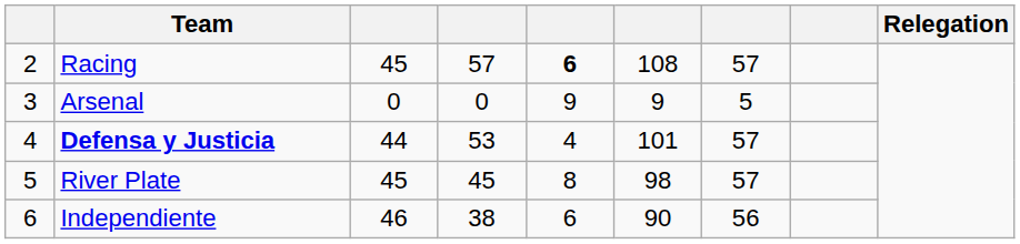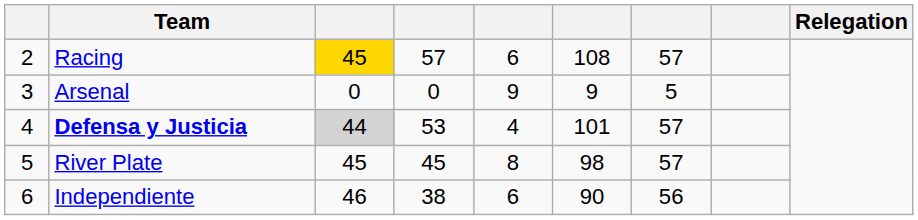 <table class="wikitable sortable" style="text-align: center;">
 <tr>
 <th width=25></th>
 <th width=185>Team</th>
 <th width=50></th>
 <th width=50></th>
 <th width=50></th>
 <th width=50></th>
 <th width=50></th>
 <th width=50></th>
 <th>Relegation</th>
 </tr>
 <tr>
 <td>2</td>
 <td align="left"><a href='#'>Racing</a></td>
-<td>45</td>
+<td style="background: gold;">45</td>
 <td>57</td>
-<td><strong>6</strong></td>
+<td>6</td>
 <td>108</td>
 <td>57</td>
 <td><strong></strong></td>
 </tr>
 <tr>
 <td>3</td>
 <td align="left"><a href='#'>Arsenal</a></td>
 <td>0</td>
 <td>0</td>
 <td>9</td>
 <td>9</td>
 <td>5</td>
 <td><strong></strong></td>
 </tr>
 <tr>
 <td>4</td>
 <td align="left"><strong><a href='#'>Defensa y Justicia</a></strong></td>
-<td>44</td>
+<td style="background: lightgrey;">44</td>
 <td>53</td>
 <td>4</td>
 <td>101</td>
 <td>57</td>
 <td><strong></strong></td>
 </tr>
 <tr>
 <td>5</td>
 <td align="left"><a href='#'>River Plate</a></td>
 <td>45</td>
 <td>45</td>
 <td>8</td>
 <td>98</td>
 <td>57</td>
 <td><strong></strong></td>
 </tr>
 <tr>
 <td>6</td>
 <td align="left"><a href='#'>Independiente</a></td>
 <td>46</td>
 <td>38</td>
 <td>6</td>
 <td>90</td>
 <td>56</td>
 <td><strong></strong></td>
 </tr>
 </table>
